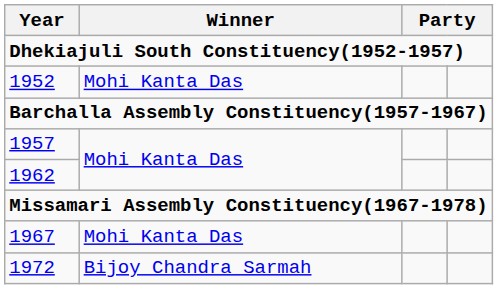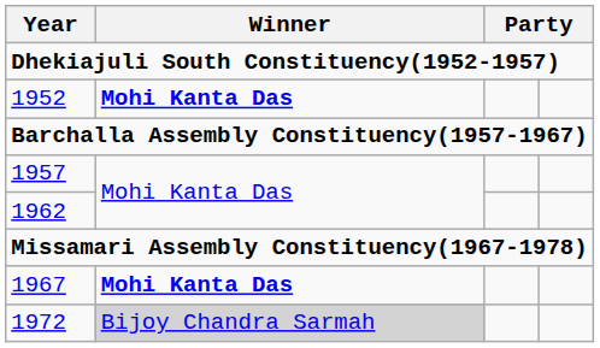 <table class="wikitable sortable">
 <tr>
 <th>Year</th>
 <th>Winner</th>
 <th colspan=2>Party</th>
 </tr>
 <tr>
 <td colspan="4"><strong>Dhekiajuli South Constituency(1952-1957)</strong></td>
 </tr>
 <tr>
 <td><a href='#'>1952</a></td>
-<td><a href='#'>Mohi Kanta Das</a></td>
+<td><strong><a href='#'>Mohi Kanta Das</a></strong></td>
 <td></td>
 <td></td>
 </tr>
 <tr>
 <td colspan="4"><strong>Barchalla Assembly Constituency(1957-1967)</strong></td>
 </tr>
 <tr>
 <td><a href='#'>1957</a></td>
 <td rowspan="2"><a href='#'>Mohi Kanta Das</a></td>
 <td></td>
 <td></td>
 </tr>
 <tr>
 <td><a href='#'>1962</a></td>
 <td></td>
 <td></td>
 </tr>
 <tr>
 <td colspan="4"><strong>Missamari Assembly Constituency(1967-1978)</strong></td>
 </tr>
 <tr>
 <td><a href='#'>1967</a></td>
-<td><a href='#'>Mohi Kanta Das</a></td>
+<td><strong><a href='#'>Mohi Kanta Das</a></strong></td>
 <td></td>
 <td></td>
 </tr>
 <tr>
 <td><a href='#'>1972</a></td>
-<td><a href='#'>Bijoy Chandra Sarmah</a></td>
+<td style="background: lightgrey;"><a href='#'>Bijoy Chandra Sarmah</a></td>
 <td></td>
 <td></td>
 </tr>
 </table>
